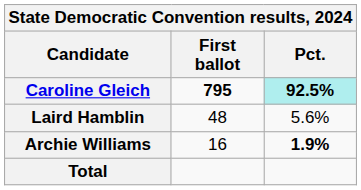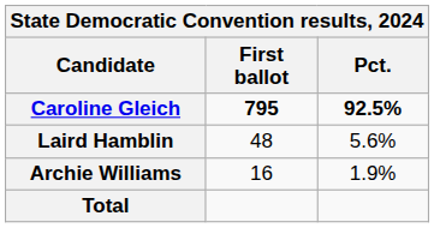 <table class="wikitable sortable plainrowheaders">
 <tr>
 <th colspan="5" >State Democratic Convention results, 2024</th>
 </tr>
 <tr style="background:#eee; text-align:center;">
 <th scope="col">Candidate</th>
 <th scope="col" style="width: 5em">First ballot</th>
 <th scope="col" style="width: 5em">Pct.</th>
 </tr>
 <tr>
 <th scope="row"><strong><a href='#'>Caroline Gleich</a></strong></th>
 <td style="text-align:center;"><strong>795</strong></td>
-<td style="background: paleturquoise; text-align:center;"><strong>92.5%</strong></td>
+<td style="text-align:center;"><strong>92.5%</strong></td>
 </tr>
 <tr>
 <th scope="row">Laird Hamblin</th>
 <td style="text-align:center;">48</td>
 <td style="text-align:center;">5.6%</td>
 </tr>
 <tr>
 <th scope="row">Archie Williams</th>
 <td style="text-align:center;">16</td>
-<td style="text-align:center;"><strong>1.9%</strong></td>
+<td style="text-align:center;">1.9%</td>
 </tr>
 <tr>
 <th scope="row"><strong>Total</strong></th>
 <td style="text-align:center;"><strong></strong></td>
 <td style="text-align:center;"><strong></strong></td>
 </tr>
 </table>
